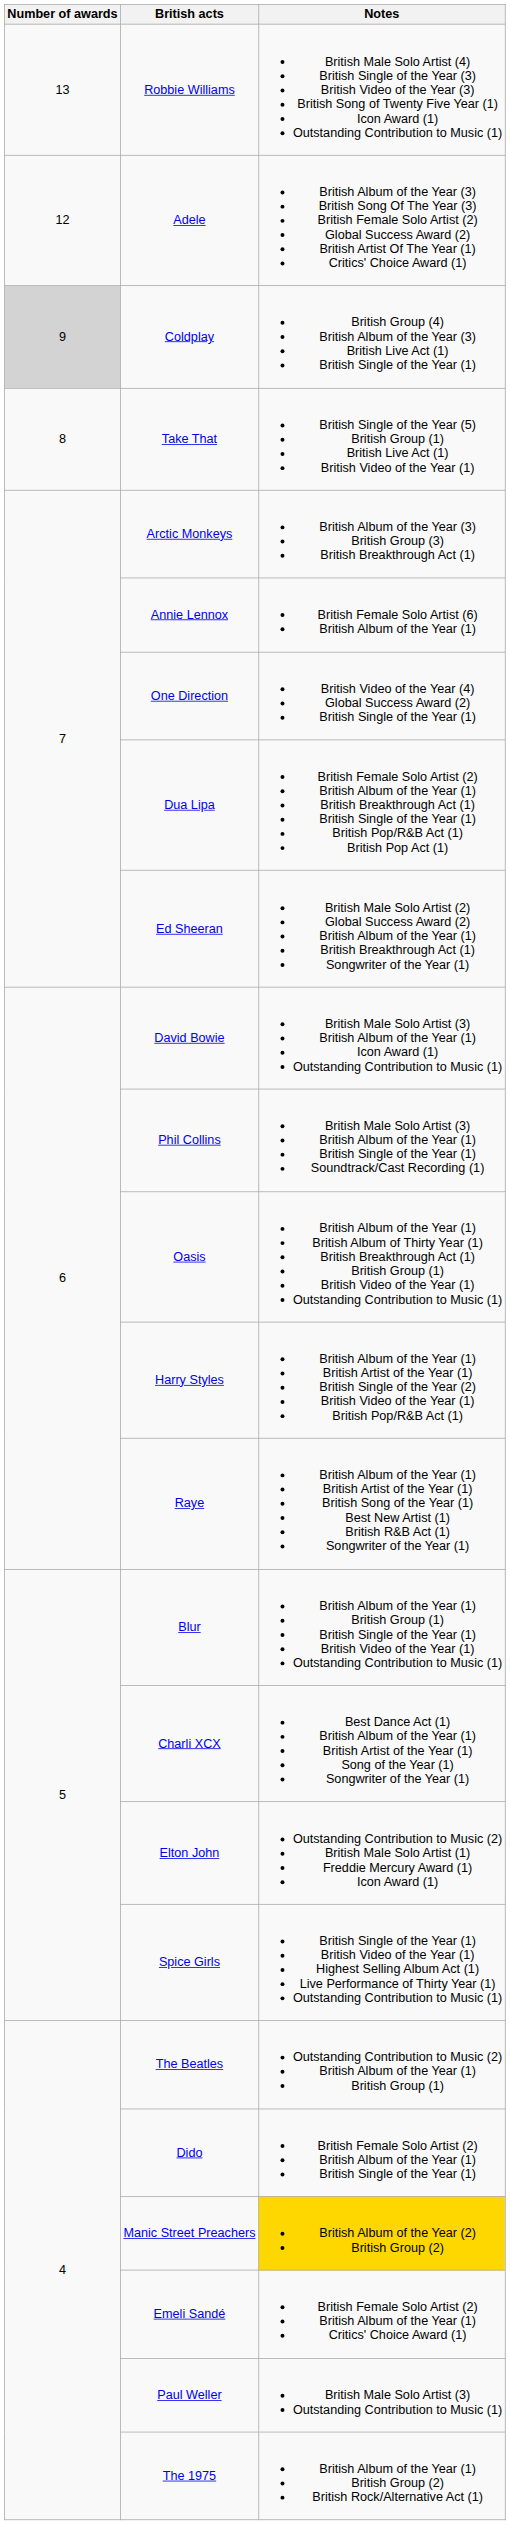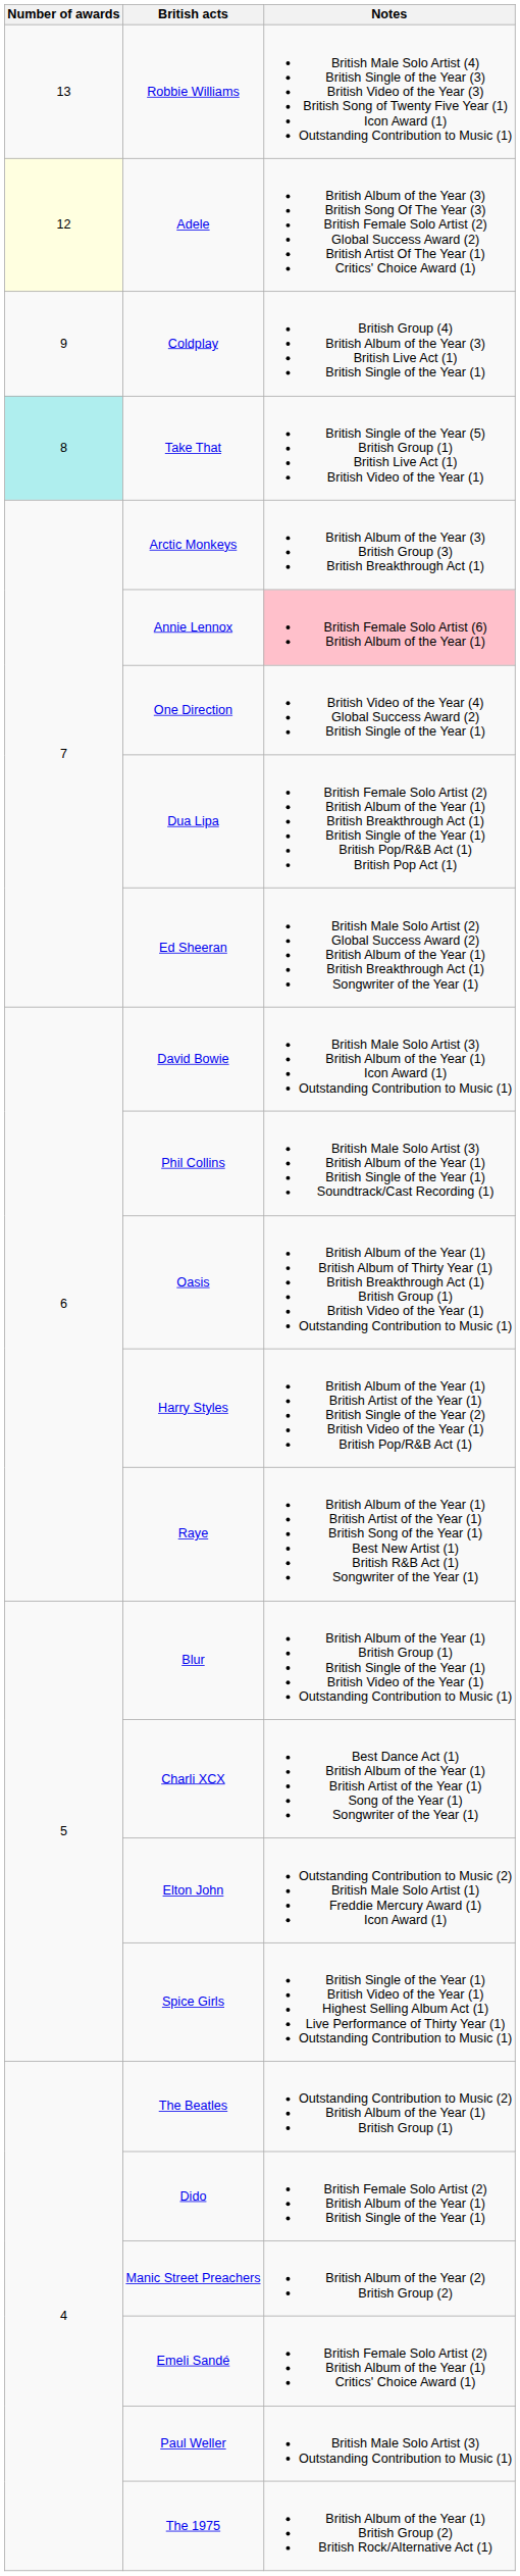 <table class="wikitable">
 <tr>
 <th>Number of awards</th>
 <th>British acts</th>
 <th>Notes</th>
 </tr>
 <tr>
 <td style="text-align:center;">13</td>
 <td style="text-align:center;"><a href='#'>Robbie Williams</a></td>
 <td style="text-align:center;"><br><ul><li>British Male Solo Artist (4)</li><li>British Single of the Year (3)</li><li>British Video of the Year (3)</li><li>British Song of Twenty Five Year (1)</li><li>Icon Award (1)</li><li>Outstanding Contribution to Music (1)</li></ul></td>
 </tr>
 <tr>
-<td style="text-align:center;">12</td>
+<td style="background: lightyellow; text-align:center;">12</td>
 <td style="text-align:center;"><a href='#'>Adele</a></td>
 <td style="text-align:center;"><br><ul><li>British Album of the Year (3)</li><li>British Song Of The Year (3)</li><li>British Female Solo Artist (2)</li><li>Global Success Award (2)</li><li>British Artist Of The Year (1)</li><li>Critics' Choice Award (1)</li></ul></td>
 </tr>
 <tr>
-<td style="background: lightgrey; text-align:center;">9</td>
+<td style="text-align:center;">9</td>
 <td style="text-align:center;"><a href='#'>Coldplay</a></td>
 <td style="text-align:center;"><br><ul><li>British Group (4)</li><li>British Album of the Year (3)</li><li>British Live Act (1)</li><li>British Single of the Year (1)</li></ul></td>
 </tr>
 <tr>
-<td rowspan="1" style="text-align:center;">8</td>
+<td rowspan="1" style="background: paleturquoise; text-align:center;">8</td>
 <td style="text-align:center;"><a href='#'>Take That</a></td>
 <td style="text-align:center;"><br><ul><li>British Single of the Year (5)</li><li>British Group (1)</li><li>British Live Act (1)</li><li>British Video of the Year (1)</li></ul></td>
 </tr>
 <tr>
 <td rowspan="5" style="text-align:center;">7</td>
 <td style="text-align:center;"><a href='#'>Arctic Monkeys</a></td>
 <td style="text-align:center;"><br><ul><li>British Album of the Year (3)</li><li>British Group (3)</li><li>British Breakthrough Act (1)</li></ul></td>
 </tr>
 <tr>
 <td style="text-align:center;"><a href='#'>Annie Lennox</a></td>
-<td style="text-align:center;"><br><ul><li>British Female Solo Artist (6)</li><li>British Album of the Year (1)</li></ul></td>
+<td style="background: pink; text-align:center;"><br><ul><li>British Female Solo Artist (6)</li><li>British Album of the Year (1)</li></ul></td>
 </tr>
 <tr>
 <td style="text-align:center;"><a href='#'>One Direction</a></td>
 <td style="text-align:center;"><br><ul><li>British Video of the Year (4)</li><li>Global Success Award (2)</li><li>British Single of the Year (1)</li></ul></td>
 </tr>
 <tr>
 <td style="text-align:center;"><a href='#'>Dua Lipa</a></td>
 <td style="text-align:center;"><br><ul><li>British Female Solo Artist (2)</li><li>British Album of the Year (1)</li><li>British Breakthrough Act (1)</li><li>British Single of the Year (1)</li><li>British Pop/R&B Act (1)</li><li>British Pop Act (1)</li></ul></td>
 </tr>
 <tr>
 <td style="text-align:center;"><a href='#'>Ed Sheeran</a></td>
 <td style="text-align:center;"><br><ul><li>British Male Solo Artist (2)</li><li>Global Success Award (2)</li><li>British Album of the Year (1)</li><li>British Breakthrough Act (1)</li><li>Songwriter of the Year (1)</li></ul></td>
 </tr>
 <tr>
 <td rowspan="5" style="text-align:center;">6</td>
 <td style="text-align:center;"><a href='#'>David Bowie</a></td>
 <td style="text-align:center;"><br><ul><li>British Male Solo Artist (3)</li><li>British Album of the Year (1)</li><li>Icon Award (1)</li><li>Outstanding Contribution to Music (1)</li></ul></td>
 </tr>
 <tr>
 <td style="text-align:center;"><a href='#'>Phil Collins</a></td>
 <td style="text-align:center;"><br><ul><li>British Male Solo Artist (3)</li><li>British Album of the Year (1)</li><li>British Single of the Year (1)</li><li>Soundtrack/Cast Recording (1)</li></ul></td>
 </tr>
 <tr>
 <td style="text-align:center;"><a href='#'>Oasis</a></td>
 <td style="text-align:center;"><br><ul><li>British Album of the Year (1)</li><li>British Album of Thirty Year (1)</li><li>British Breakthrough Act (1)</li><li>British Group (1)</li><li>British Video of the Year (1)</li><li>Outstanding Contribution to Music (1)</li></ul></td>
 </tr>
 <tr>
 <td style="text-align:center;"><a href='#'>Harry Styles</a></td>
 <td style="text-align:center;"><br><ul><li>British Album of the Year (1)</li><li>British Artist of the Year (1)</li><li>British Single of the Year (2)</li><li>British Video of the Year (1)</li><li>British Pop/R&B Act (1)</li></ul></td>
 </tr>
 <tr>
 <td style="text-align:center;"><a href='#'>Raye</a></td>
 <td style="text-align:center;"><br><ul><li>British Album of the Year (1)</li><li>British Artist of the Year (1)</li><li>British Song of the Year (1)</li><li>Best New Artist (1)</li><li>British R&B Act (1)</li><li>Songwriter of the Year (1)</li></ul></td>
 </tr>
 <tr>
 <td rowspan="4" style="text-align:center;">5</td>
 <td style="text-align:center;"><a href='#'>Blur</a></td>
 <td style="text-align:center;"><br><ul><li>British Album of the Year (1)</li><li>British Group (1)</li><li>British Single of the Year (1)</li><li>British Video of the Year (1)</li><li>Outstanding Contribution to Music (1)</li></ul></td>
 </tr>
 <tr>
 <td style="text-align:center;"><a href='#'>Charli XCX</a></td>
 <td style="text-align:center;"><br><ul><li>Best Dance Act (1)</li><li>British Album of the Year (1)</li><li>British Artist of the Year (1)</li><li>Song of the Year (1)</li><li>Songwriter of the Year (1)</li></ul></td>
 </tr>
 <tr>
 <td style="text-align:center;"><a href='#'>Elton John</a></td>
 <td style="text-align:center;"><br><ul><li>Outstanding Contribution to Music (2)</li><li>British Male Solo Artist (1)</li><li>Freddie Mercury Award (1)</li><li>Icon Award (1)</li></ul></td>
 </tr>
 <tr>
 <td style="text-align:center;"><a href='#'>Spice Girls</a></td>
 <td style="text-align:center;"><br><ul><li>British Single of the Year (1)</li><li>British Video of the Year (1)</li><li>Highest Selling Album Act (1)</li><li>Live Performance of Thirty Year (1)</li><li>Outstanding Contribution to Music (1)</li></ul></td>
 </tr>
 <tr>
 <td rowspan="6" style="text-align:center;">4</td>
 <td style="text-align:center;"><a href='#'>The Beatles</a></td>
 <td style="text-align:center;"><br><ul><li>Outstanding Contribution to Music (2)</li><li>British Album of the Year (1)</li><li>British Group (1)</li></ul></td>
 </tr>
 <tr>
 <td style="text-align:center;"><a href='#'>Dido</a></td>
 <td style="text-align:center;"><br><ul><li>British Female Solo Artist (2)</li><li>British Album of the Year (1)</li><li>British Single of the Year (1)</li></ul></td>
 </tr>
 <tr>
 <td style="text-align:center;"><a href='#'>Manic Street Preachers</a></td>
-<td style="background: gold; text-align:center;"><br><ul><li>British Album of the Year (2)</li><li>British Group (2)</li></ul></td>
+<td style="text-align:center;"><br><ul><li>British Album of the Year (2)</li><li>British Group (2)</li></ul></td>
 </tr>
 <tr>
 <td style="text-align:center;"><a href='#'>Emeli Sandé</a></td>
 <td style="text-align:center;"><br><ul><li>British Female Solo Artist (2)</li><li>British Album of the Year (1)</li><li>Critics' Choice Award (1)</li></ul></td>
 </tr>
 <tr>
 <td style="text-align:center;"><a href='#'>Paul Weller</a></td>
 <td style="text-align:center;"><br><ul><li>British Male Solo Artist (3)</li><li>Outstanding Contribution to Music (1)</li></ul></td>
 </tr>
 <tr>
 <td style="text-align:center;"><a href='#'>The 1975</a></td>
 <td style="text-align:center;"><br><ul><li>British Album of the Year (1)</li><li>British Group (2)</li><li>British Rock/Alternative Act (1)</li></ul></td>
 </tr>
 </table>
